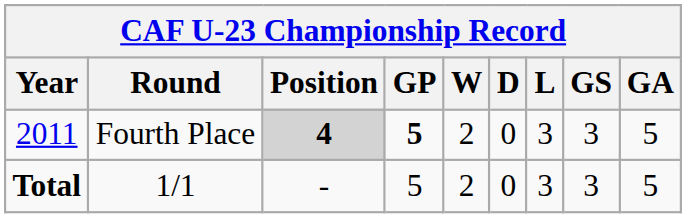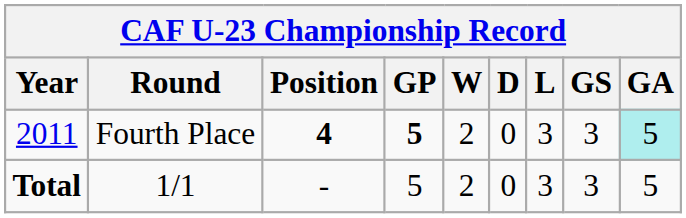 <table class="wikitable" style="text-align: center;font-size:90%;">
 <tr>
 <th colspan=9><a href='#'>CAF U-23 Championship Record</a></th>
 </tr>
 <tr>
 <th>Year</th>
 <th>Round</th>
 <th>Position</th>
 <th>GP</th>
 <th>W</th>
 <th>D</th>
 <th>L</th>
 <th>GS</th>
 <th>GA</th>
 </tr>
 <tr>
 <td> <a href='#'>2011</a></td>
 <td>Fourth Place</td>
-<td style="background: lightgrey;"><strong>4</strong></td>
+<td><strong>4</strong></td>
 <td><strong>5</strong></td>
 <td>2</td>
 <td>0</td>
 <td>3</td>
 <td>3</td>
-<td>5</td>
+<td style="background: paleturquoise;">5</td>
 </tr>
 <tr>
 <td><strong>Total</strong></td>
 <td>1/1</td>
 <td>-</td>
 <td>5</td>
 <td>2</td>
 <td>0</td>
 <td>3</td>
 <td>3</td>
 <td>5</td>
 </tr>
 </table>
